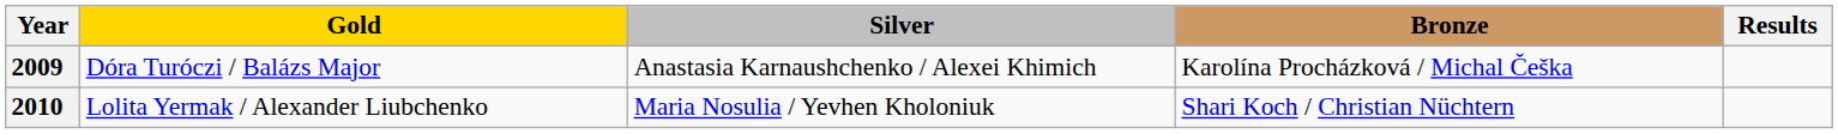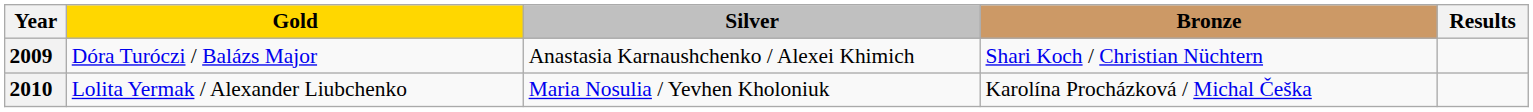 <table class="wikitable unsortable" style="text-align:left; width:90%;">
 <tr>
 <th scope="col" style="text-align:center;">Year</th>
 <td scope="col" style="text-align:center; width:30%; background:gold"><strong>Gold</strong></td>
 <td scope="col" style="text-align:center; width:30%; background:silver"><strong>Silver</strong></td>
 <td scope="col" style="text-align:center; width:30%; background:#c96"><strong>Bronze</strong></td>
 <th scope="col" style="text-align:center;">Results</th>
 </tr>
 <tr>
 <th scope="row" style="text-align:left">2009</th>
 <td> <a href='#'>Dóra Turóczi</a> / <a href='#'>Balázs Major</a></td>
 <td> Anastasia Karnaushchenko / Alexei Khimich</td>
-<td> Karolína Procházková / <a href='#'>Michal Češka</a></td>
+<td> <a href='#'>Shari Koch</a> / <a href='#'>Christian Nüchtern</a></td>
 <td></td>
 </tr>
 <tr>
 <th scope="row" style="text-align:left">2010</th>
 <td> <a href='#'>Lolita Yermak</a> / Alexander Liubchenko</td>
 <td> <a href='#'>Maria Nosulia</a> / Yevhen Kholoniuk</td>
-<td> <a href='#'>Shari Koch</a> / <a href='#'>Christian Nüchtern</a></td>
+<td> Karolína Procházková / <a href='#'>Michal Češka</a></td>
 <td></td>
 </tr>
 </table>
